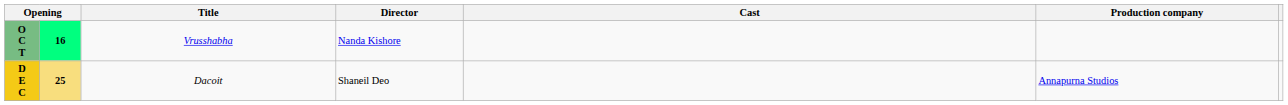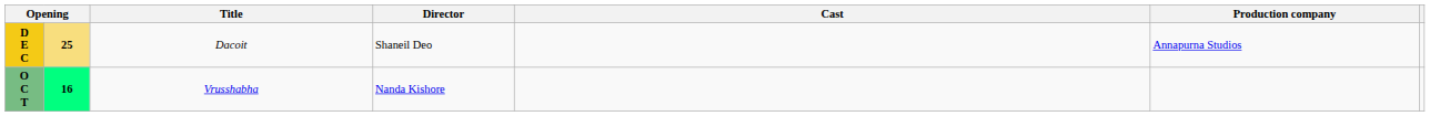 <table class="wikitable sortable">
 <tr>
 <th colspan="2" style="width:6%;">Opening</th>
 <th style="width:20%;">Title</th>
 <th style="width:10%;">Director</th>
 <th style="width:45%;">Cast</th>
 <th style="width:30%;">Production company</th>
 <th class="unsortable" style="width:1%;"></th>
 </tr>
 <tr>
+<td rowspan="1" style="text-align:center; background:#F4CA16; textcolor:#000;"><strong>D<br>E<br>C</strong></td>
+<td rowspan="1" style="text-align:center; background:#F8DE7E;"><strong>25</strong></td>
+<td style="text-align:center;"><em>Dacoit</em></td>
+<td>Shaneil Deo</td>
+<td></td>
+<td><a href='#'>Annapurna Studios</a></td>
+<td style="text-align:center;"></td>
+</tr>
+<tr>
 <td rowspan="1" style="text-align:center; background:#77bc83;"><strong>O<br>C<br>T</strong></td>
 <td rowspan="1" style="text-align:center; background:#00FF7F;"><strong>16</strong></td>
 <td style="text-align:center; "><em><a href='#'>Vrusshabha</a></em></td>
 <td><a href='#'>Nanda Kishore</a></td>
 <td></td>
 <td></td>
 <td style="text-align:center;"></td>
 </tr>
-<tr>
-<td rowspan="1" style="text-align:center; background:#F4CA16; textcolor:#000;"><strong>D<br>E<br>C</strong></td>
-<td rowspan="1" style="text-align:center; background:#F8DE7E;"><strong>25</strong></td>
-<td style="text-align:center;"><em>Dacoit</em></td>
-<td>Shaneil Deo</td>
-<td></td>
-<td><a href='#'>Annapurna Studios</a></td>
-<td style="text-align:center;"></td>
-</tr>
 </table>
